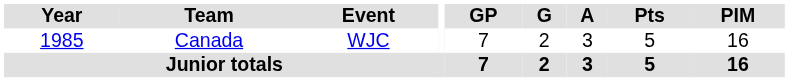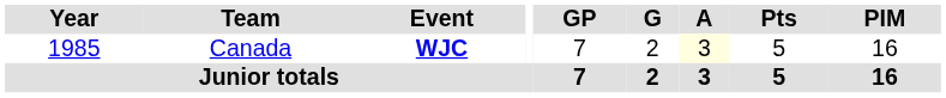 <table border="0" cellpadding="1" cellspacing="0" ID="Table3" style="text-align:center; width:40em">
 <tr bgcolor="#e0e0e0">
 <th>Year</th>
 <th>Team</th>
 <th>Event</th>
 <th rowspan="102" bgcolor="#ffffff"></th>
 <th>GP</th>
 <th>G</th>
 <th>A</th>
 <th>Pts</th>
 <th>PIM</th>
 </tr>
 <tr>
 <td><a href='#'>1985</a></td>
 <td><a href='#'>Canada</a></td>
-<td><a href='#'>WJC</a></td>
+<td><strong><a href='#'>WJC</a></strong></td>
 <td>7</td>
 <td>2</td>
-<td>3</td>
+<td style="background: lightyellow;">3</td>
 <td>5</td>
 <td>16</td>
 </tr>
 <tr bgcolor="#e0e0e0">
 <th colspan="4">Junior totals</th>
 <th>7</th>
 <th>2</th>
 <th>3</th>
 <th>5</th>
 <th>16</th>
 </tr>
 </table>
